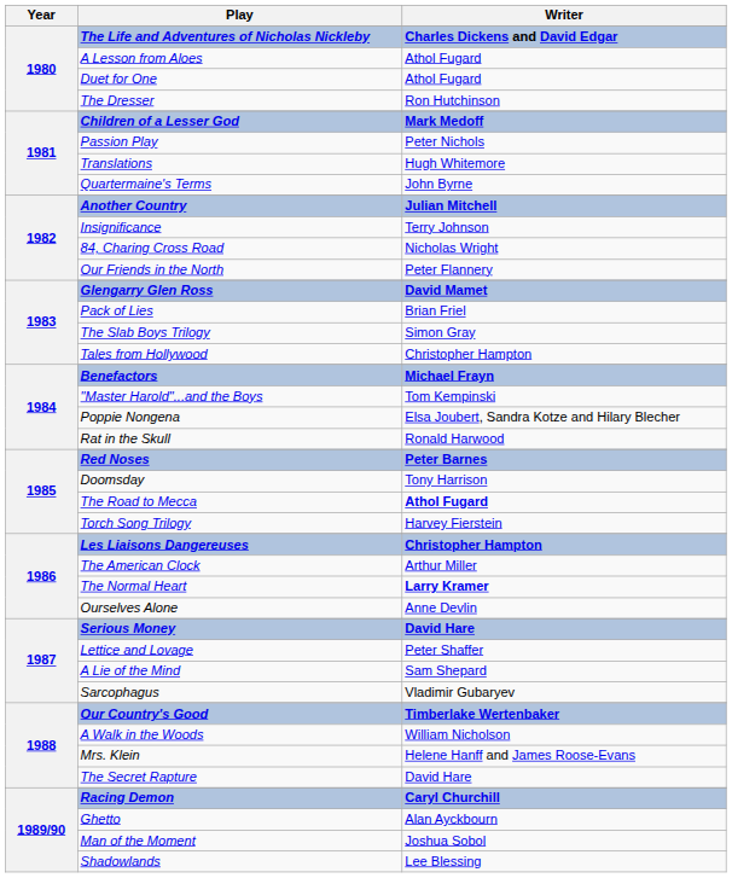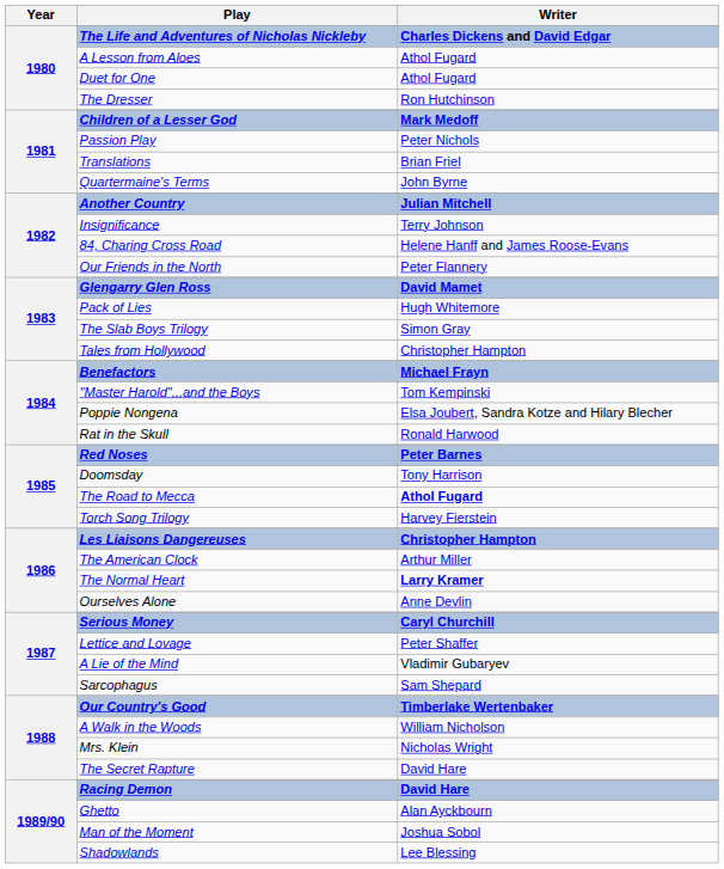 <table class="wikitable" style="width:98%;">
 <tr style="background:#bebebe;">
 <th style="width:10%;">Year</th>
 <th style="width:45%;">Play</th>
 <th style="width:45%;">Writer</th>
 </tr>
 <tr>
 <th rowspan="5" align="center"><a href='#'>1980</a></th>
 </tr>
 <tr style="background:#B0C4DE">
 <td><strong><em><a href='#'>The Life and Adventures of Nicholas Nickleby</a></em></strong></td>
 <td><strong><a href='#'>Charles Dickens</a> and <a href='#'>David Edgar</a></strong></td>
 </tr>
 <tr>
 <td><em><a href='#'>A Lesson from Aloes</a></em></td>
 <td><a href='#'>Athol Fugard</a></td>
 </tr>
 <tr>
 <td><em><a href='#'>Duet for One</a></em></td>
 <td><a href='#'>Athol Fugard</a></td>
 </tr>
 <tr>
 <td><em><a href='#'>The Dresser</a></em></td>
 <td><a href='#'>Ron Hutchinson</a></td>
 </tr>
 <tr>
 <th rowspan="5" align="center"><a href='#'>1981</a></th>
 </tr>
 <tr style="background:#B0C4DE">
 <td><strong><em><a href='#'>Children of a Lesser God</a></em></strong></td>
 <td><strong><a href='#'>Mark Medoff</a></strong></td>
 </tr>
 <tr>
 <td><em><a href='#'>Passion Play</a></em></td>
 <td><a href='#'>Peter Nichols</a></td>
 </tr>
 <tr>
 <td><em><a href='#'>Translations</a></em></td>
-<td><a href='#'>Hugh Whitemore</a></td>
+<td><a href='#'>Brian Friel</a></td>
 </tr>
 <tr>
 <td><em><a href='#'>Quartermaine's Terms</a></em></td>
 <td><a href='#'>John Byrne</a></td>
 </tr>
 <tr>
 <th rowspan="5" align="center"><a href='#'>1982</a></th>
 </tr>
 <tr style="background:#B0C4DE">
 <td><strong><em><a href='#'>Another Country</a></em></strong></td>
 <td><strong><a href='#'>Julian Mitchell</a></strong></td>
 </tr>
 <tr>
 <td><em><a href='#'>Insignificance</a></em></td>
 <td><a href='#'>Terry Johnson</a></td>
 </tr>
 <tr>
 <td><em><a href='#'>84, Charing Cross Road</a></em></td>
-<td><a href='#'>Nicholas Wright</a></td>
+<td><a href='#'>Helene Hanff</a> and <a href='#'>James Roose-Evans</a></td>
 </tr>
 <tr>
 <td><em><a href='#'>Our Friends in the North</a></em></td>
 <td><a href='#'>Peter Flannery</a></td>
 </tr>
 <tr>
 <th rowspan="5" align="center"><a href='#'>1983</a></th>
 </tr>
 <tr style="background:#B0C4DE">
 <td><strong><em><a href='#'>Glengarry Glen Ross</a></em></strong></td>
 <td><strong><a href='#'>David Mamet</a></strong></td>
 </tr>
 <tr>
 <td><em><a href='#'>Pack of Lies</a></em></td>
-<td><a href='#'>Brian Friel</a></td>
+<td><a href='#'>Hugh Whitemore</a></td>
 </tr>
 <tr>
 <td><em><a href='#'>The Slab Boys Trilogy</a></em></td>
 <td><a href='#'>Simon Gray</a></td>
 </tr>
 <tr>
 <td><em><a href='#'>Tales from Hollywood</a></em></td>
 <td><a href='#'>Christopher Hampton</a></td>
 </tr>
 <tr>
 <th rowspan="5" align="center"><a href='#'>1984</a></th>
 </tr>
 <tr style="background:#B0C4DE">
 <td><strong><em><a href='#'>Benefactors</a></em></strong></td>
 <td><strong><a href='#'>Michael Frayn</a></strong></td>
 </tr>
 <tr>
 <td><em><a href='#'>"Master Harold"...and the Boys</a></em></td>
 <td><a href='#'>Tom Kempinski</a></td>
 </tr>
 <tr>
 <td><em>Poppie Nongena</em></td>
 <td><a href='#'>Elsa Joubert</a>, Sandra Kotze and Hilary Blecher</td>
 </tr>
 <tr>
 <td><em>Rat in the Skull</em></td>
 <td><a href='#'>Ronald Harwood</a></td>
 </tr>
 <tr>
 <th rowspan="5" align="center"><a href='#'>1985</a></th>
 </tr>
 <tr style="background:#B0C4DE">
 <td><strong><em><a href='#'>Red Noses</a></em></strong></td>
 <td><strong><a href='#'>Peter Barnes</a></strong></td>
 </tr>
 <tr>
 <td><em>Doomsday</em></td>
 <td><a href='#'>Tony Harrison</a></td>
 </tr>
 <tr>
 <td><em><a href='#'>The Road to Mecca</a></em></td>
 <td><strong><a href='#'>Athol Fugard</a></strong></td>
 </tr>
 <tr>
 <td><em><a href='#'>Torch Song Trilogy</a></em></td>
 <td><a href='#'>Harvey Fierstein</a></td>
 </tr>
 <tr>
 <th rowspan="5" align="center"><a href='#'>1986</a></th>
 </tr>
 <tr style="background:#B0C4DE">
 <td><strong><em><a href='#'>Les Liaisons Dangereuses</a></em></strong></td>
 <td><strong><a href='#'>Christopher Hampton</a></strong></td>
 </tr>
 <tr>
 <td><em><a href='#'>The American Clock</a></em></td>
 <td><a href='#'>Arthur Miller</a></td>
 </tr>
 <tr>
 <td><em><a href='#'>The Normal Heart</a></em></td>
 <td><strong><a href='#'>Larry Kramer</a></strong></td>
 </tr>
 <tr>
 <td><em>Ourselves Alone</em></td>
 <td><a href='#'>Anne Devlin</a></td>
 </tr>
 <tr>
 <th rowspan="5" align="center"><a href='#'>1987</a></th>
 </tr>
 <tr style="background:#B0C4DE">
 <td><strong><em><a href='#'>Serious Money</a></em></strong></td>
-<td><strong><a href='#'>David Hare</a></strong></td>
+<td><strong><a href='#'>Caryl Churchill</a></strong></td>
 </tr>
 <tr>
 <td><em><a href='#'>Lettice and Lovage</a></em></td>
 <td><a href='#'>Peter Shaffer</a></td>
 </tr>
 <tr>
 <td><em><a href='#'>A Lie of the Mind</a></em></td>
-<td><a href='#'>Sam Shepard</a></td>
+<td>Vladimir Gubaryev</td>
 </tr>
 <tr>
 <td><em>Sarcophagus</em></td>
-<td>Vladimir Gubaryev</td>
+<td><a href='#'>Sam Shepard</a></td>
 </tr>
 <tr>
 <th rowspan="5" align="center"><a href='#'>1988</a></th>
 </tr>
 <tr style="background:#B0C4DE">
 <td><strong><em><a href='#'>Our Country's Good</a></em></strong></td>
 <td><strong><a href='#'>Timberlake Wertenbaker</a></strong></td>
 </tr>
 <tr>
 <td><em><a href='#'>A Walk in the Woods</a></em></td>
 <td><a href='#'>William Nicholson</a></td>
 </tr>
 <tr>
 <td><em>Mrs. Klein</em></td>
-<td><a href='#'>Helene Hanff</a> and <a href='#'>James Roose-Evans</a></td>
+<td><a href='#'>Nicholas Wright</a></td>
 </tr>
 <tr>
 <td><em><a href='#'>The Secret Rapture</a></em></td>
 <td><a href='#'>David Hare</a></td>
 </tr>
 <tr>
 <th rowspan="5" align="center"><a href='#'>1989/90</a></th>
 </tr>
 <tr style="background:#B0C4DE">
 <td><strong><em><a href='#'>Racing Demon</a></em></strong></td>
-<td><strong><a href='#'>Caryl Churchill</a></strong></td>
+<td><strong><a href='#'>David Hare</a></strong></td>
 </tr>
 <tr>
 <td><em><a href='#'>Ghetto</a></em></td>
 <td><a href='#'>Alan Ayckbourn</a></td>
 </tr>
 <tr>
 <td><em><a href='#'>Man of the Moment</a></em></td>
 <td><a href='#'>Joshua Sobol</a></td>
 </tr>
 <tr>
 <td><em><a href='#'>Shadowlands</a></em></td>
 <td><a href='#'>Lee Blessing</a></td>
 </tr>
 </table>
